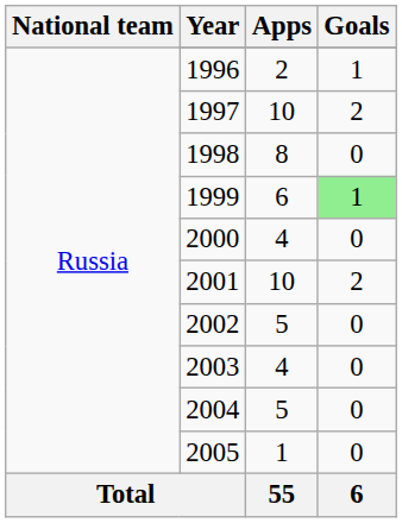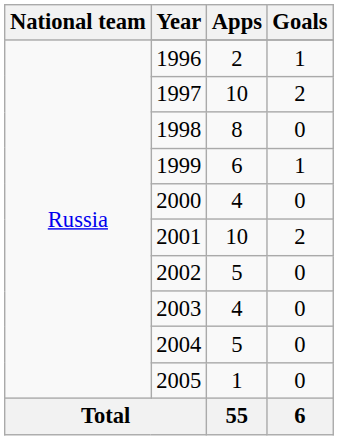 <table class="wikitable" style="text-align:center">
 <tr>
 <th>National team</th>
 <th>Year</th>
 <th>Apps</th>
 <th>Goals</th>
 </tr>
 <tr>
 <td rowspan=11><a href='#'>Russia</a></td>
 </tr>
 <tr>
 <td>1996</td>
 <td>2</td>
 <td>1</td>
 </tr>
 <tr>
 <td>1997</td>
 <td>10</td>
 <td>2</td>
 </tr>
 <tr>
 <td>1998</td>
 <td>8</td>
 <td>0</td>
 </tr>
 <tr>
 <td>1999</td>
 <td>6</td>
-<td style="background: lightgreen;">1</td>
+<td>1</td>
 </tr>
 <tr>
 <td>2000</td>
 <td>4</td>
 <td>0</td>
 </tr>
 <tr>
 <td>2001</td>
 <td>10</td>
 <td>2</td>
 </tr>
 <tr>
 <td>2002</td>
 <td>5</td>
 <td>0</td>
 </tr>
 <tr>
 <td>2003</td>
 <td>4</td>
 <td>0</td>
 </tr>
 <tr>
 <td>2004</td>
 <td>5</td>
 <td>0</td>
 </tr>
 <tr>
 <td>2005</td>
 <td>1</td>
 <td>0</td>
 </tr>
 <tr>
 <th colspan=2>Total</th>
 <th>55</th>
 <th>6</th>
 </tr>
 </table>
